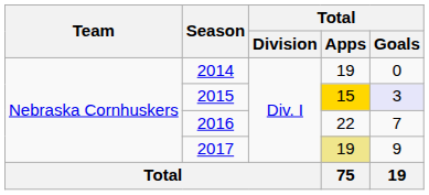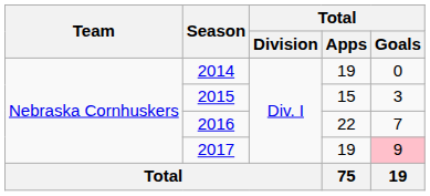 <table class="wikitable" style="text-align: center;">
 <tr>
 <th rowspan="2">Team</th>
 <th rowspan="2">Season</th>
 <th colspan="3">Total</th>
 </tr>
 <tr>
 <th>Division</th>
 <th>Apps</th>
 <th>Goals</th>
 </tr>
 <tr>
 <td rowspan="4"><a href='#'>Nebraska Cornhuskers</a></td>
 <td><a href='#'>2014</a></td>
 <td rowspan="4"><a href='#'>Div. I</a></td>
 <td>19</td>
 <td>0</td>
 </tr>
 <tr>
 <td><a href='#'>2015</a></td>
-<td style="background: gold;">15</td>
-<td style="background: lavender;">3</td>
+<td>15</td>
+<td>3</td>
 </tr>
 <tr>
 <td><a href='#'>2016</a></td>
 <td>22</td>
 <td>7</td>
 </tr>
 <tr>
 <td><a href='#'>2017</a></td>
-<td style="background: khaki;">19</td>
-<td>9</td>
+<td>19</td>
+<td style="background: pink;">9</td>
 </tr>
 <tr>
 <th colspan="3">Total</th>
 <th>75</th>
 <th>19</th>
 </tr>
 </table>
